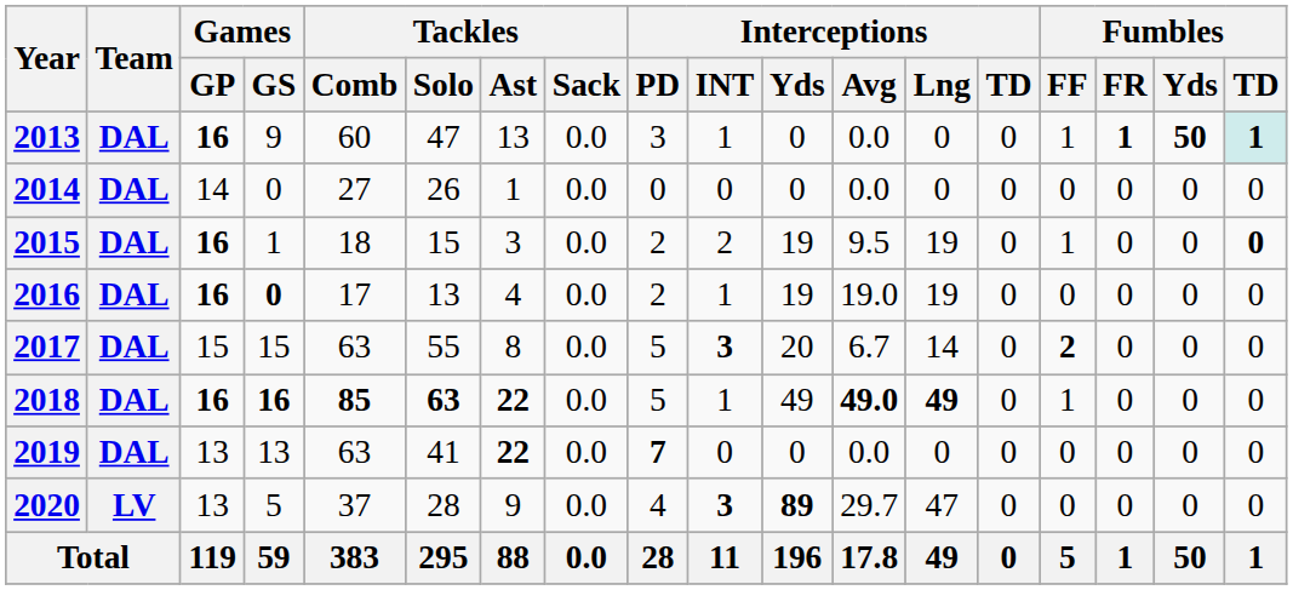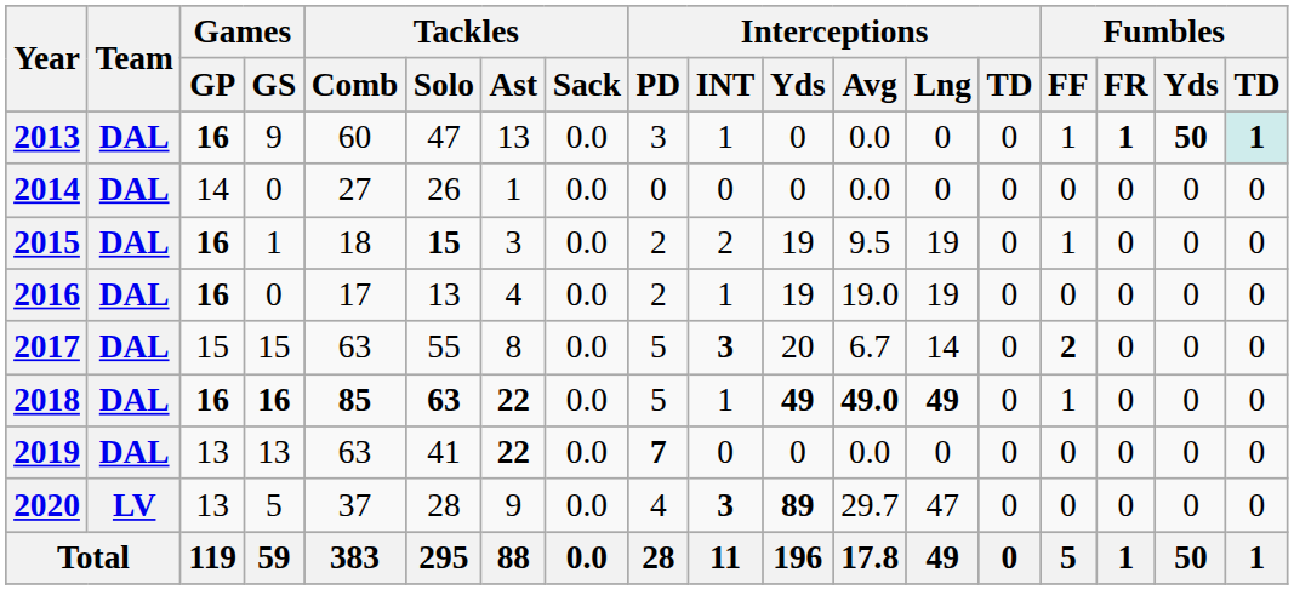 <table class="wikitable" style="text-align:center">
 <tr>
 <th rowspan="2">Year</th>
 <th rowspan="2">Team</th>
 <th colspan="2">Games</th>
 <th colspan="4">Tackles</th>
 <th colspan="6">Interceptions</th>
 <th colspan="4">Fumbles</th>
 </tr>
 <tr>
 <th>GP</th>
 <th>GS</th>
 <th>Comb</th>
 <th>Solo</th>
 <th>Ast</th>
 <th>Sack</th>
 <th>PD</th>
 <th>INT</th>
 <th>Yds</th>
 <th>Avg</th>
 <th>Lng</th>
 <th>TD</th>
 <th>FF</th>
 <th>FR</th>
 <th>Yds</th>
 <th>TD</th>
 </tr>
 <tr>
 <th><a href='#'>2013</a></th>
 <th><a href='#'>DAL</a></th>
 <td><strong>16</strong></td>
 <td>9</td>
 <td>60</td>
 <td>47</td>
 <td>13</td>
 <td>0.0</td>
 <td>3</td>
 <td>1</td>
 <td>0</td>
 <td>0.0</td>
 <td>0</td>
 <td>0</td>
 <td>1</td>
 <td><strong>1</strong></td>
 <td><strong>50</strong></td>
 <td style="background:#cfecec; width:3em;"><strong>1</strong></td>
 </tr>
 <tr>
 <th><a href='#'>2014</a></th>
 <th><a href='#'>DAL</a></th>
 <td>14</td>
 <td>0</td>
 <td>27</td>
 <td>26</td>
 <td>1</td>
 <td>0.0</td>
 <td>0</td>
 <td>0</td>
 <td>0</td>
 <td>0.0</td>
 <td>0</td>
 <td>0</td>
 <td>0</td>
 <td>0</td>
 <td>0</td>
 <td>0</td>
 </tr>
 <tr>
 <th><a href='#'>2015</a></th>
 <th><a href='#'>DAL</a></th>
 <td><strong>16</strong></td>
 <td>1</td>
 <td>18</td>
-<td>15</td>
+<td><strong>15</strong></td>
 <td>3</td>
 <td>0.0</td>
 <td>2</td>
 <td>2</td>
 <td>19</td>
 <td>9.5</td>
 <td>19</td>
 <td>0</td>
 <td>1</td>
 <td>0</td>
 <td>0</td>
-<td><strong>0</strong></td>
+<td>0</td>
 </tr>
 <tr>
 <th><a href='#'>2016</a></th>
 <th><a href='#'>DAL</a></th>
 <td><strong>16</strong></td>
-<td><strong>0</strong></td>
+<td>0</td>
 <td>17</td>
 <td>13</td>
 <td>4</td>
 <td>0.0</td>
 <td>2</td>
 <td>1</td>
 <td>19</td>
 <td>19.0</td>
 <td>19</td>
 <td>0</td>
 <td>0</td>
 <td>0</td>
 <td>0</td>
 <td>0</td>
 </tr>
 <tr>
 <th><a href='#'>2017</a></th>
 <th><a href='#'>DAL</a></th>
 <td>15</td>
 <td>15</td>
 <td>63</td>
 <td>55</td>
 <td>8</td>
 <td>0.0</td>
 <td>5</td>
 <td><strong>3</strong></td>
 <td>20</td>
 <td>6.7</td>
 <td>14</td>
 <td>0</td>
 <td><strong>2</strong></td>
 <td>0</td>
 <td>0</td>
 <td>0</td>
 </tr>
 <tr>
 <th><a href='#'>2018</a></th>
 <th><a href='#'>DAL</a></th>
 <td><strong>16</strong></td>
 <td><strong>16</strong></td>
 <td><strong>85</strong></td>
 <td><strong>63</strong></td>
 <td><strong>22</strong></td>
 <td>0.0</td>
 <td>5</td>
 <td>1</td>
-<td>49</td>
+<td><strong>49</strong></td>
 <td><strong>49.0</strong></td>
 <td><strong>49</strong></td>
 <td>0</td>
 <td>1</td>
 <td>0</td>
 <td>0</td>
 <td>0</td>
 </tr>
 <tr>
 <th><a href='#'>2019</a></th>
 <th><a href='#'>DAL</a></th>
 <td>13</td>
 <td>13</td>
 <td>63</td>
 <td>41</td>
 <td><strong>22</strong></td>
 <td>0.0</td>
 <td><strong>7</strong></td>
 <td>0</td>
 <td>0</td>
 <td>0.0</td>
 <td>0</td>
 <td>0</td>
 <td>0</td>
 <td>0</td>
 <td>0</td>
 <td>0</td>
 </tr>
 <tr>
 <th><a href='#'>2020</a></th>
 <th><a href='#'>LV</a></th>
 <td>13</td>
 <td>5</td>
 <td>37</td>
 <td>28</td>
 <td>9</td>
 <td>0.0</td>
 <td>4</td>
 <td><strong>3</strong></td>
 <td><strong>89</strong></td>
 <td>29.7</td>
 <td>47</td>
 <td>0</td>
 <td>0</td>
 <td>0</td>
 <td>0</td>
 <td>0</td>
 </tr>
 <tr>
 <th colspan="2">Total</th>
 <th>119</th>
 <th>59</th>
 <th>383</th>
 <th>295</th>
 <th>88</th>
 <th>0.0</th>
 <th>28</th>
 <th>11</th>
 <th>196</th>
 <th>17.8</th>
 <th>49</th>
 <th>0</th>
 <th>5</th>
 <th>1</th>
 <th>50</th>
 <th>1</th>
 </tr>
 </table>
